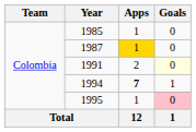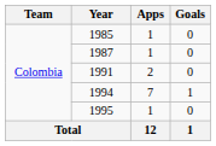 <table class="wikitable" style="text-align: center;">
 <tr>
 <th width="80">Team</th>
 <th width="70">Year</th>
 <th width="45">Apps</th>
 <th width="45">Goals</th>
 </tr>
 <tr>
 <td rowspan=5><a href='#'>Colombia</a></td>
 <td>1985</td>
 <td>1</td>
 <td>0</td>
 </tr>
 <tr>
 <td>1987</td>
-<td style="background: gold;">1</td>
+<td>1</td>
 <td>0</td>
 </tr>
 <tr>
 <td>1991</td>
 <td>2</td>
-<td style="background: lightyellow;">0</td>
+<td>0</td>
 </tr>
 <tr>
 <td>1994</td>
-<td><strong>7</strong></td>
+<td>7</td>
 <td>1</td>
 </tr>
 <tr>
 <td>1995</td>
 <td>1</td>
-<td style="background: pink;">0</td>
+<td>0</td>
 </tr>
 <tr>
 <th colspan=2>Total</th>
 <th>12</th>
 <th>1</th>
 </tr>
 </table>
